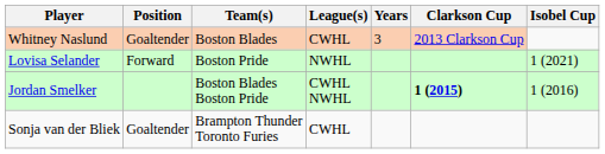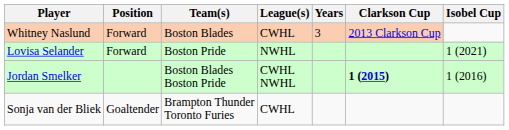 <table class="wikitable sortable">
 <tr>
 <th>Player</th>
 <th>Position</th>
 <th>Team(s)</th>
 <th>League(s)</th>
 <th>Years</th>
 <th>Clarkson Cup</th>
 <th>Isobel Cup</th>
 </tr>
 <tr bgcolor= FBCEB1>
 <td>Whitney Naslund</td>
-<td>Goaltender</td>
+<td>Forward</td>
 <td>Boston Blades</td>
 <td>CWHL</td>
 <td>3</td>
 <td><a href='#'>2013 Clarkson Cup</a></td>
 </tr>
 <tr bgcolor= CCFFCC>
 <td><a href='#'>Lovisa Selander</a></td>
 <td>Forward</td>
 <td>Boston Pride</td>
 <td>NWHL</td>
 <td></td>
 <td></td>
 <td>1 (2021)</td>
 </tr>
 <tr bgcolor= CCFFCC>
 <td><a href='#'>Jordan Smelker</a></td>
 <td></td>
 <td>Boston Blades<br>Boston Pride</td>
 <td>CWHL<br>NWHL</td>
 <td></td>
 <td><strong>1 (<a href='#'>2015</a>)</strong></td>
 <td>1 (2016)</td>
 </tr>
 <tr bgcolor=>
 <td>Sonja van der Bliek</td>
 <td>Goaltender</td>
 <td>Brampton Thunder<br>Toronto Furies</td>
 <td>CWHL</td>
 <td></td>
 <td></td>
 <td></td>
 </tr>
 </table>
